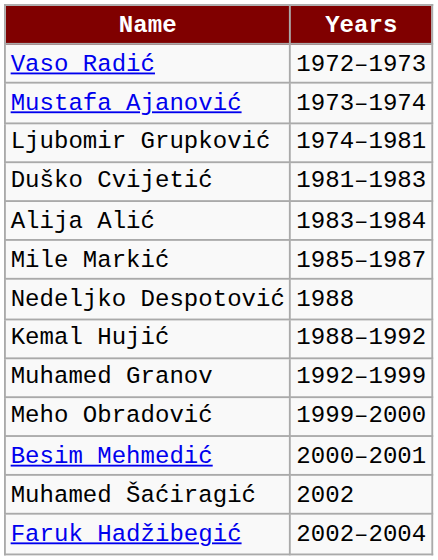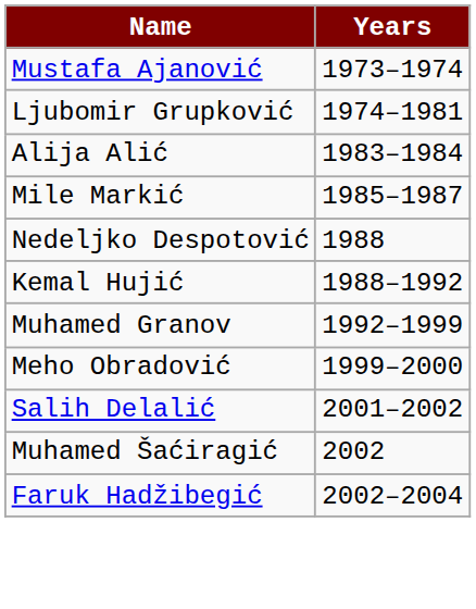 <table class="wikitable" style="display:inline-table">
 <tr>
 <th style="color:#FFFFFF;background:#800000;">Name</th>
 <th style="color:#FFFFFF;background:#800000;">Years</th>
-</tr>
-<tr>
-<td> <a href='#'>Vaso Radić</a></td>
-<td>1972–1973</td>
 </tr>
 <tr>
 <td> <a href='#'>Mustafa Ajanović</a></td>
 <td>1973–1974</td>
 </tr>
 <tr>
 <td> Ljubomir Grupković</td>
 <td>1974–1981</td>
-</tr>
-<tr>
-<td> Duško Cvijetić</td>
-<td>1981–1983</td>
 </tr>
 <tr>
 <td> Alija Alić</td>
 <td>1983–1984</td>
 </tr>
 <tr>
 <td> Mile Markić</td>
 <td>1985–1987</td>
 </tr>
 <tr>
 <td> Nedeljko Despotović</td>
 <td>1988</td>
 </tr>
 <tr>
 <td> Kemal Hujić</td>
 <td>1988–1992</td>
 </tr>
 <tr>
 <td>  Muhamed Granov</td>
 <td>1992–1999</td>
 </tr>
 <tr>
 <td> Meho Obradović</td>
 <td>1999–2000</td>
 </tr>
 <tr>
-<td> <a href='#'>Besim Mehmedić</a></td>
-<td>2000–2001</td>
+<td> <a href='#'>Salih Delalić</a></td>
+<td>2001–2002</td>
 </tr>
 <tr>
 <td> Muhamed Šaćiragić</td>
 <td>2002</td>
 </tr>
 <tr>
 <td> <a href='#'>Faruk Hadžibegić</a></td>
 <td>2002–2004</td>
 </tr>
 </table>
